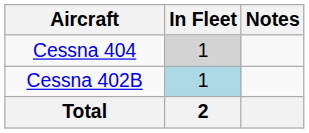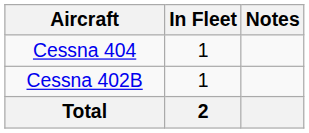 <table class="wikitable" style="text-align:center; margin:0.5em auto">
 <tr>
 <th style="width:125px;">Aircraft</th>
 <th>In Fleet</th>
 <th>Notes</th>
 </tr>
 <tr>
 <td><a href='#'>Cessna 404</a></td>
-<td style="background: lightgrey;">1</td>
+<td>1</td>
 <td></td>
 </tr>
 <tr>
 <td><a href='#'>Cessna 402B</a></td>
-<td style="background: lightblue;">1</td>
+<td>1</td>
 <td></td>
 </tr>
 <tr>
 <th>Total</th>
 <th>2 </th>
 <th colspan="2" class="unsortable"></th>
 </tr>
 </table>
